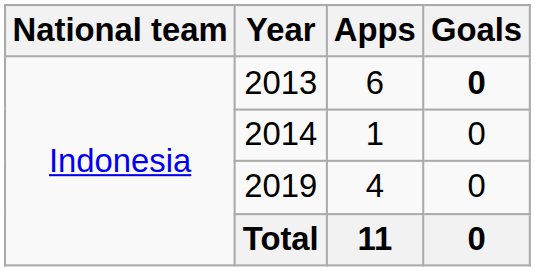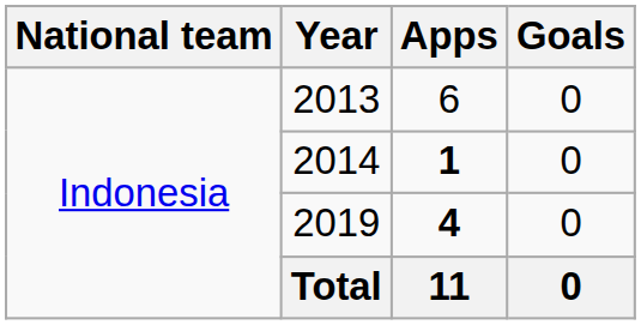 <table class=wikitable style=text-align:center>
 <tr>
 <th>National team</th>
 <th>Year</th>
 <th>Apps</th>
 <th>Goals</th>
 </tr>
 <tr>
 <td rowspan="4"><a href='#'>Indonesia</a></td>
 <td>2013</td>
 <td>6</td>
-<td><strong>0</strong></td>
+<td>0</td>
 </tr>
 <tr>
 <td>2014</td>
-<td>1</td>
+<td><strong>1</strong></td>
 <td>0</td>
 </tr>
 <tr>
 <td>2019</td>
-<td>4</td>
+<td><strong>4</strong></td>
 <td>0</td>
 </tr>
 <tr>
 <th colspan=1>Total</th>
 <th>11</th>
 <th>0</th>
 </tr>
 </table>
